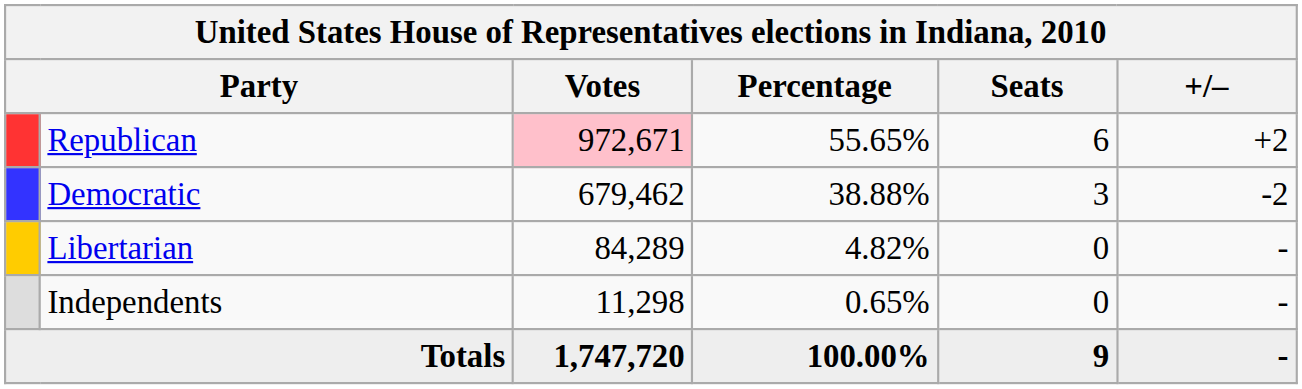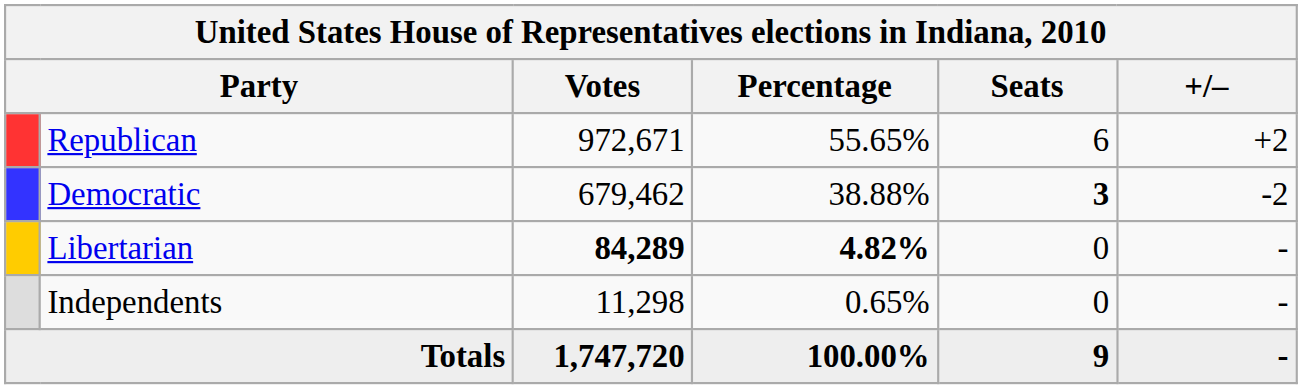 <table class="wikitable" style="font-size: 95%;">
 <tr>
 <th colspan="6">United States House of Representatives elections in Indiana, 2010</th>
 </tr>
 <tr>
 <th colspan=2 style="width: 15em">Party</th>
 <th style="width: 5em">Votes</th>
 <th style="width: 7em">Percentage</th>
 <th style="width: 5em">Seats</th>
 <th style="width: 5em">+/–</th>
 </tr>
 <tr>
 <th style="background:#f33; width:3px;"></th>
 <td style="width: 130px"><a href='#'>Republican</a></td>
-<td style="background: pink; text-align:right;">972,671</td>
+<td style="text-align:right;">972,671</td>
 <td style="text-align:right;">55.65%</td>
 <td style="text-align:right;">6</td>
 <td style="text-align:right;">+2</td>
 </tr>
 <tr>
 <th style="background:#33f; width:3px;"></th>
 <td style="width: 130px"><a href='#'>Democratic</a></td>
 <td style="text-align:right;">679,462</td>
 <td style="text-align:right;">38.88%</td>
-<td style="text-align:right;">3</td>
+<td style="text-align:right;"><strong>3</strong></td>
 <td style="text-align:right;">-2</td>
 </tr>
 <tr>
 <th style="background:#fc0; width:3px;"></th>
 <td style="width: 130px"><a href='#'>Libertarian</a></td>
-<td style="text-align:right;">84,289</td>
-<td style="text-align:right;">4.82%</td>
+<td style="text-align:right;"><strong>84,289</strong></td>
+<td style="text-align:right;"><strong>4.82%</strong></td>
 <td style="text-align:right;">0</td>
 <td style="text-align:right;">-</td>
 </tr>
 <tr>
 <th style="background:#ddd; width:3px;"></th>
 <td style="width: 130px">Independents</td>
 <td style="text-align:right;">11,298</td>
 <td style="text-align:right;">0.65%</td>
 <td style="text-align:right;">0</td>
 <td style="text-align:right;">-</td>
 </tr>
 <tr style="background:#eee; text-align:right;">
 <td colspan="2"><strong>Totals</strong></td>
 <td><strong>1,747,720</strong></td>
 <td><strong>100.00%</strong></td>
 <td><strong>9</strong></td>
 <td><strong>-</strong></td>
 </tr>
 </table>
